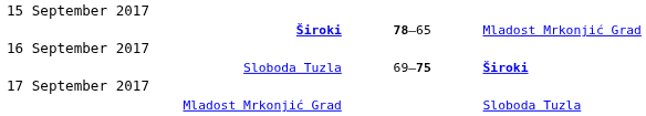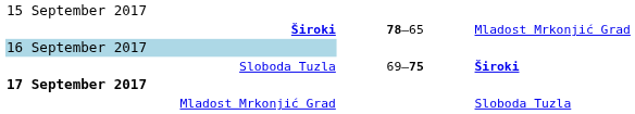 <table style="width:100%;" cellspacing="1">
 <tr>
 <th width=25%></th>
 <th width=2%></th>
 <th width=6%></th>
 <th width=2%></th>
 <th width=25%></th>
 </tr>
 <tr>
 <td>15 September 2017</td>
 </tr>
 <tr style=font-size:90%>
 <td align=right><strong><a href='#'>Široki</a></strong> </td>
 <td></td>
 <td align=center><strong>78</strong>–65</td>
 <td></td>
 <td> <a href='#'>Mladost Mrkonjić Grad</a></td>
 <td></td>
 </tr>
 <tr>
-<td>16 September 2017</td>
+<td style="background: lightblue;">16 September 2017</td>
 </tr>
 <tr style=font-size:90%>
 <td align=right><a href='#'>Sloboda Tuzla</a> </td>
 <td></td>
 <td align=center>69–<strong>75</strong></td>
 <td></td>
 <td> <strong><a href='#'>Široki</a></strong></td>
 <td></td>
 </tr>
 <tr>
-<td>17 September 2017</td>
+<td><strong>17 September 2017</strong></td>
 </tr>
 <tr style=font-size:90%>
 <td align=right><a href='#'>Mladost Mrkonjić Grad</a> </td>
 <td></td>
 <td align=center><strong></strong></td>
 <td></td>
 <td> <a href='#'>Sloboda Tuzla</a></td>
 <td></td>
 </tr>
 </table>
